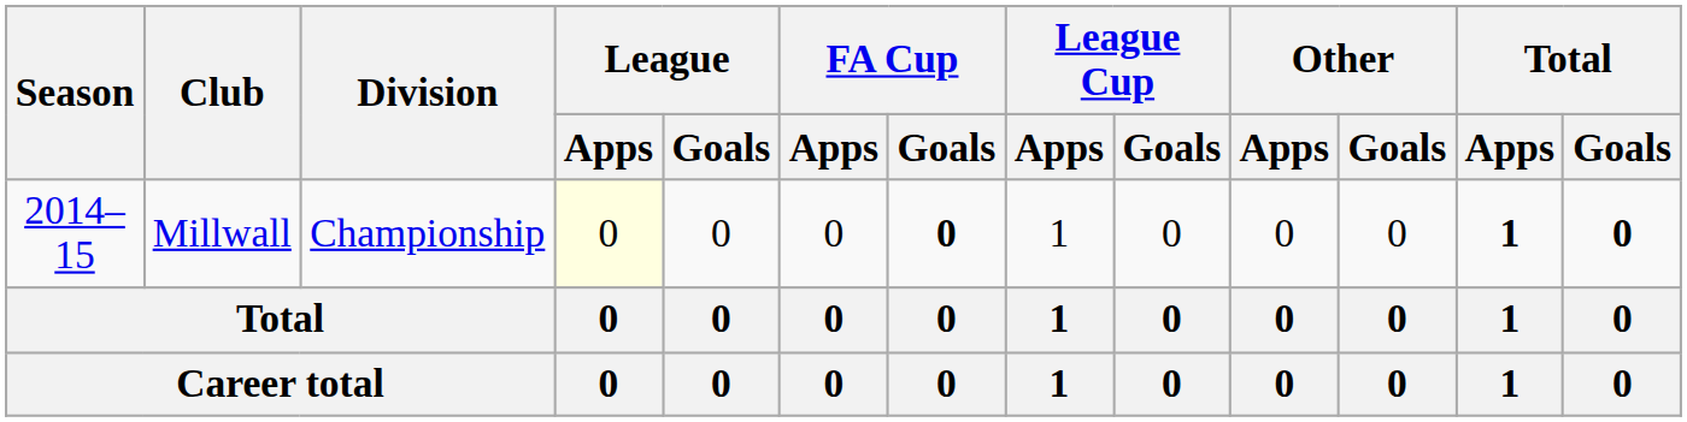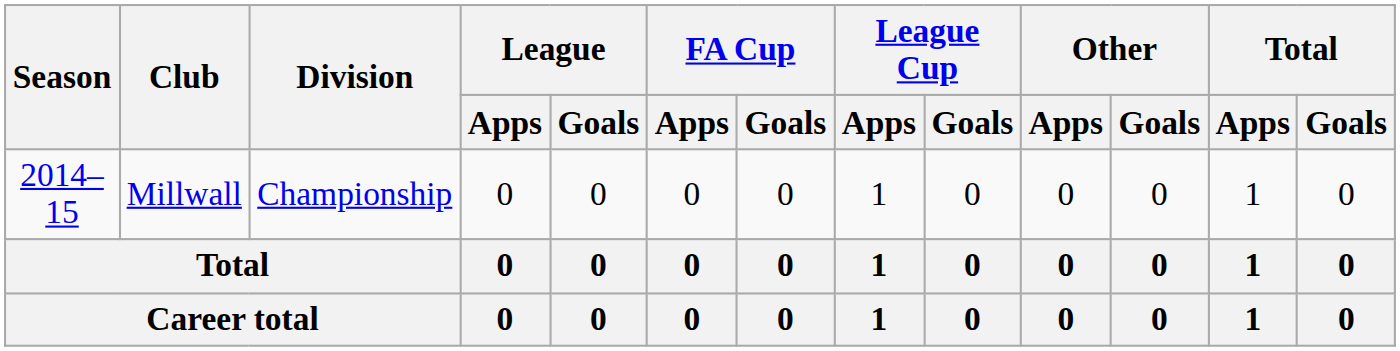 <table class="wikitable" style="text-align:center;">
 <tr>
 <th rowspan="2">Season</th>
 <th rowspan="2">Club</th>
 <th rowspan="2">Division</th>
 <th colspan="2">League</th>
 <th colspan="2"><a href='#'>FA Cup</a></th>
 <th colspan="2"><a href='#'>League Cup</a></th>
 <th colspan="2">Other</th>
 <th colspan="2">Total</th>
 </tr>
 <tr>
 <th>Apps</th>
 <th>Goals</th>
 <th>Apps</th>
 <th>Goals</th>
 <th>Apps</th>
 <th>Goals</th>
 <th>Apps</th>
 <th>Goals</th>
 <th>Apps</th>
 <th>Goals</th>
 </tr>
 <tr>
 <td><a href='#'>2014–15</a></td>
 <td><a href='#'>Millwall</a></td>
 <td><a href='#'>Championship</a></td>
-<td style="background: lightyellow;">0</td>
 <td>0</td>
 <td>0</td>
-<td><strong>0</strong></td>
+<td>0</td>
+<td>0</td>
 <td>1</td>
 <td>0</td>
 <td>0</td>
 <td>0</td>
-<td><strong>1</strong></td>
-<td><strong>0</strong></td>
+<td>1</td>
+<td>0</td>
 </tr>
 <tr>
 <th colspan="3">Total</th>
 <th>0</th>
 <th>0</th>
 <th>0</th>
 <th>0</th>
 <th>1</th>
 <th>0</th>
 <th>0</th>
 <th>0</th>
 <th>1</th>
 <th>0</th>
 </tr>
 <tr>
 <th colspan="3">Career total</th>
 <th>0</th>
 <th>0</th>
 <th>0</th>
 <th>0</th>
 <th>1</th>
 <th>0</th>
 <th>0</th>
 <th>0</th>
 <th>1</th>
 <th>0</th>
 </tr>
 </table>
